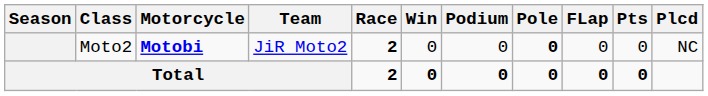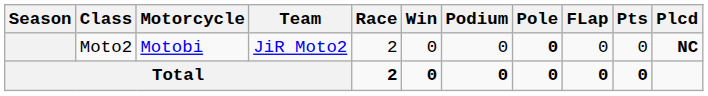 <table class="wikitable" style=text-align:right;">
 <tr>
 <th>Season</th>
 <th>Class</th>
 <th>Motorcycle</th>
 <th>Team</th>
 <th>Race</th>
 <th>Win</th>
 <th>Podium</th>
 <th>Pole</th>
 <th>FLap</th>
 <th>Pts</th>
 <th>Plcd</th>
 </tr>
 <tr>
 <th></th>
 <td>Moto2</td>
-<td style="text-align:left;"><strong><a href='#'>Motobi</a></strong></td>
+<td style="text-align:left;"><a href='#'>Motobi</a></td>
 <td style="text-align:left;"><a href='#'>JiR Moto2</a></td>
-<td><strong>2</strong></td>
+<td>2</td>
 <td>0</td>
 <td>0</td>
 <td><strong>0</strong></td>
 <td>0</td>
 <td>0</td>
-<td>NC</td>
+<td><strong>NC</strong></td>
 </tr>
 <tr>
 <th colspan="4">Total</th>
 <td><strong>2</strong></td>
 <td><strong>0</strong></td>
 <td><strong>0</strong></td>
 <td><strong>0</strong></td>
 <td><strong>0</strong></td>
 <td><strong>0</strong></td>
 <td></td>
 </tr>
 </table>
